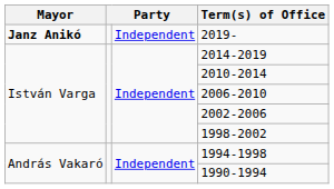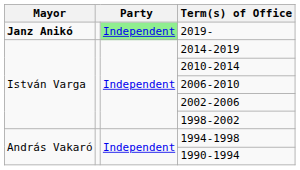 <table class="wikitable">
 <tr>
 <th>Mayor</th>
 <th colspan="2">Party</th>
 <th>Term(s) of Office</th>
 </tr>
 <tr>
 <td><strong>Janz Anikó</strong></td>
 <td style="background-color:"></td>
-<td><a href='#'>Independent</a></td>
+<td style="background: lightgreen;"><a href='#'>Independent</a></td>
 <td>2019-</td>
 </tr>
 <tr>
 <td rowspan="5">István Varga</td>
 <td rowspan="5" style="background-color:"></td>
 <td rowspan="5"><a href='#'>Independent</a></td>
 <td>2014-2019</td>
 </tr>
 <tr>
 <td>2010-2014</td>
 </tr>
 <tr>
 <td>2006-2010</td>
 </tr>
 <tr>
 <td>2002-2006</td>
 </tr>
 <tr>
 <td>1998-2002</td>
 </tr>
 <tr>
 <td rowspan="2">András Vakaró</td>
 <td rowspan="2" style="background-color:"></td>
 <td rowspan="2"><a href='#'>Independent</a></td>
 <td>1994-1998</td>
 </tr>
 <tr>
 <td>1990-1994</td>
 </tr>
 </table>
